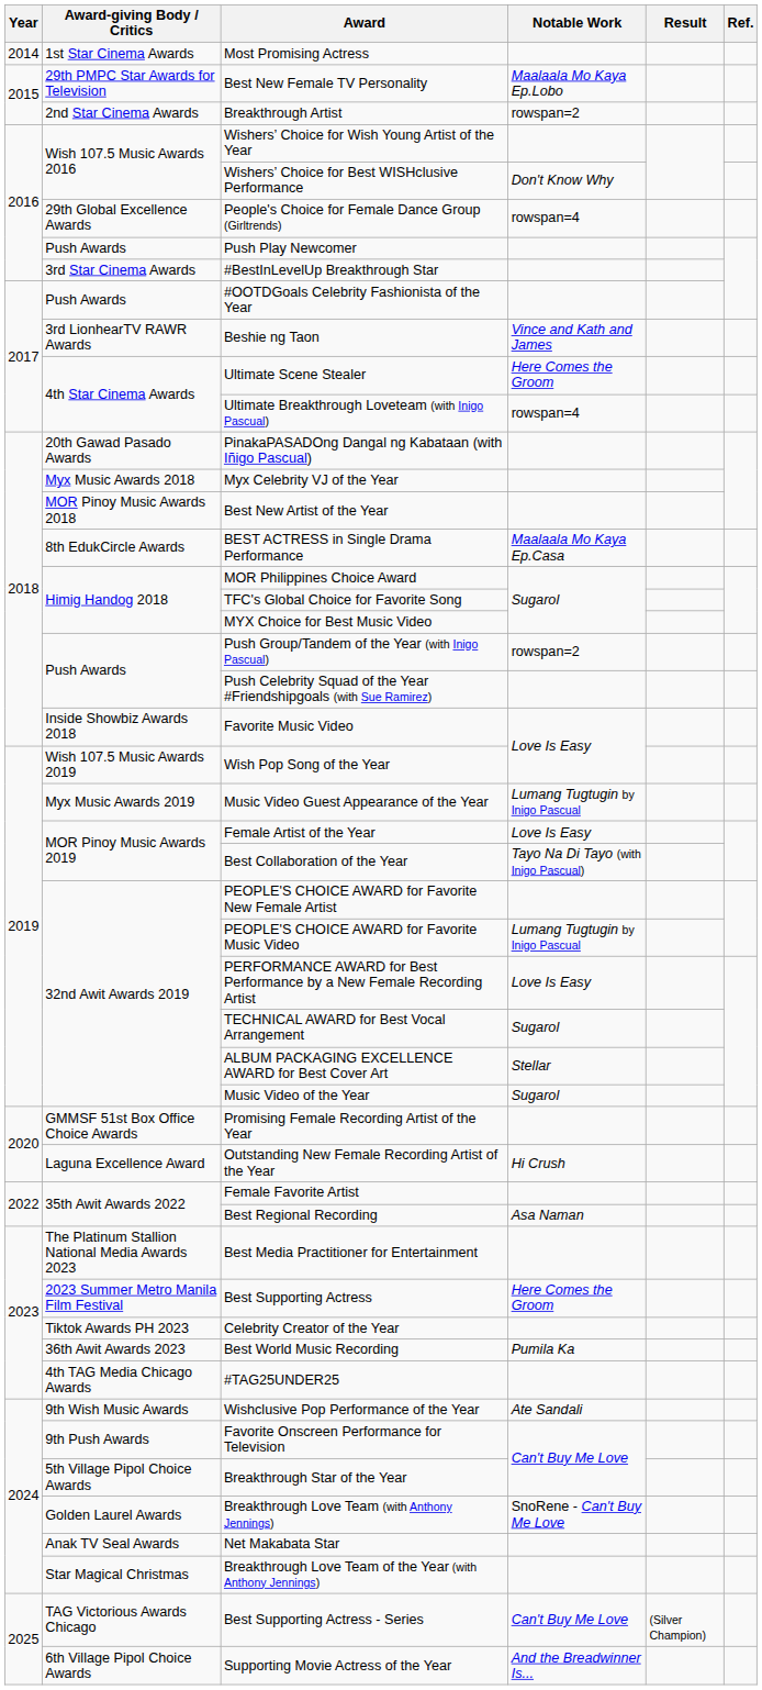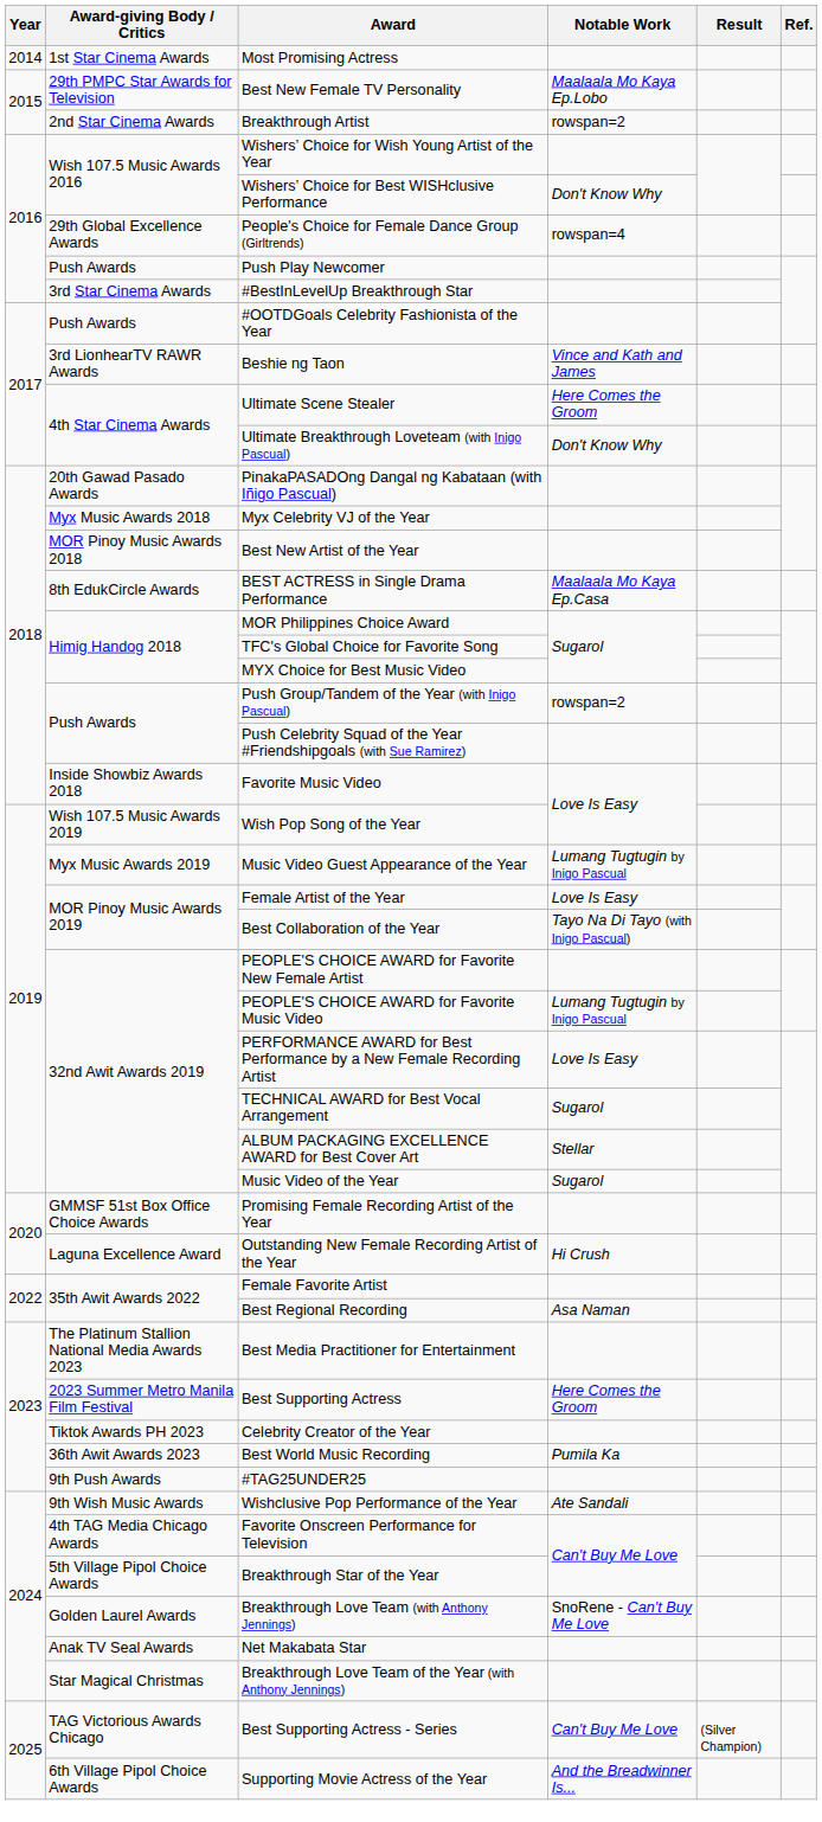 <table class="wikitable">
 <tr>
 <th>Year</th>
 <th>Award-giving Body / Critics</th>
 <th>Award</th>
 <th>Notable Work</th>
 <th>Result</th>
 <th>Ref.</th>
 </tr>
 <tr>
 <td>2014</td>
 <td>1st <a href='#'>Star Cinema</a> Awards</td>
 <td>Most Promising Actress</td>
 <td></td>
 <td></td>
 <td></td>
 </tr>
 <tr>
 <td rowspan=2>2015</td>
 <td><a href='#'>29th PMPC Star Awards for Television</a></td>
 <td>Best New Female TV Personality</td>
 <td><em><a href='#'>Maalaala Mo Kaya</a> Ep.Lobo</em></td>
 <td></td>
 <td></td>
 </tr>
 <tr>
 <td>2nd <a href='#'>Star Cinema</a> Awards</td>
 <td>Breakthrough Artist</td>
 <td>rowspan=2 </td>
 <td></td>
 <td></td>
 </tr>
 <tr>
 <td rowspan=5>2016</td>
 <td rowspan=2>Wish 107.5 Music Awards 2016</td>
 <td>Wishers’ Choice for Wish Young Artist of the Year</td>
 <td></td>
 <td rowspan=2></td>
 </tr>
 <tr>
 <td>Wishers’ Choice for Best WISHclusive Performance</td>
 <td><em>Don't Know Why</em></td>
 <td></td>
 </tr>
 <tr>
 <td>29th Global Excellence Awards</td>
 <td>People's Choice for Female Dance Group <small>(Girltrends)</small></td>
 <td>rowspan=4 </td>
 <td></td>
 <td></td>
 </tr>
 <tr>
 <td>Push Awards</td>
 <td>Push Play Newcomer</td>
 <td></td>
 <td></td>
 </tr>
 <tr>
 <td>3rd <a href='#'>Star Cinema</a> Awards</td>
 <td>#BestInLevelUp Breakthrough Star</td>
 <td></td>
 <td></td>
 </tr>
 <tr>
 <td rowspan=4>2017</td>
 <td>Push Awards</td>
 <td>#OOTDGoals Celebrity Fashionista of the Year</td>
 <td></td>
 <td></td>
 </tr>
 <tr>
 <td>3rd LionhearTV RAWR Awards</td>
 <td>Beshie ng Taon</td>
 <td><em><a href='#'>Vince and Kath and James</a></em></td>
 <td></td>
 <td></td>
 </tr>
 <tr>
 <td rowspan=2>4th <a href='#'>Star Cinema</a> Awards</td>
 <td>Ultimate Scene Stealer</td>
 <td><em><a href='#'>Here Comes the Groom</a></em></td>
 <td></td>
 <td></td>
 </tr>
 <tr>
 <td>Ultimate Breakthrough Loveteam <small>(with <a href='#'>Inigo Pascual</a>)</small></td>
-<td>rowspan=4 </td>
+<td><em>Don't Know Why</em></td>
 <td></td>
 <td></td>
 </tr>
 <tr>
 <td rowspan=10>2018</td>
 <td>20th Gawad Pasado Awards</td>
 <td>PinakaPASADOng Dangal ng Kabataan (with <a href='#'>Iñigo Pascual</a>)</td>
 <td></td>
 <td></td>
 </tr>
 <tr>
 <td><a href='#'>Myx</a> Music Awards 2018</td>
 <td>Myx Celebrity VJ of the Year</td>
 <td></td>
 <td></td>
 </tr>
 <tr>
 <td><a href='#'>MOR</a> Pinoy Music Awards 2018</td>
 <td>Best New Artist of the Year</td>
 <td></td>
 <td></td>
 </tr>
 <tr>
 <td>8th EdukCircle Awards</td>
 <td>BEST ACTRESS in Single Drama Performance</td>
 <td><em><a href='#'>Maalaala Mo Kaya</a> Ep.Casa</em></td>
 <td></td>
 <td></td>
 </tr>
 <tr>
 <td rowspan="3"><a href='#'>Himig Handog</a> 2018</td>
 <td>MOR Philippines Choice Award</td>
 <td rowspan=3><em>Sugarol</em></td>
 <td></td>
 <td rowspan=3></td>
 </tr>
 <tr>
 <td>TFC's Global Choice for Favorite Song</td>
 <td></td>
 </tr>
 <tr>
 <td>MYX Choice for Best Music Video</td>
 <td></td>
 </tr>
 <tr>
 <td rowspan=2>Push Awards</td>
 <td>Push Group/Tandem of the Year <small>(with <a href='#'>Inigo Pascual</a>)</small></td>
 <td>rowspan=2 </td>
 <td></td>
 <td></td>
 </tr>
 <tr>
 <td>Push Celebrity Squad of the Year #Friendshipgoals <small>(with <a href='#'>Sue Ramirez</a>)</small></td>
 <td></td>
 <td></td>
 </tr>
 <tr>
 <td>Inside Showbiz Awards 2018</td>
 <td>Favorite Music Video</td>
 <td rowspan=2><em>Love Is Easy</em></td>
 <td></td>
 <td></td>
 </tr>
 <tr>
 <td rowspan=10>2019</td>
 <td>Wish 107.5 Music Awards 2019</td>
 <td>Wish Pop Song of the Year</td>
 <td></td>
 <td></td>
 </tr>
 <tr>
 <td>Myx Music Awards 2019</td>
 <td>Music Video Guest Appearance of the Year</td>
 <td><em>Lumang Tugtugin</em> <small>by <a href='#'>Inigo Pascual</a></small></td>
 <td></td>
 <td></td>
 </tr>
 <tr>
 <td rowspan="2">MOR Pinoy Music Awards 2019</td>
 <td>Female Artist of the Year</td>
 <td><em>Love Is Easy</em></td>
 <td></td>
 <td rowspan=2></td>
 </tr>
 <tr>
 <td>Best Collaboration of the Year</td>
 <td><em>Tayo Na Di Tayo</em> <small>(with <a href='#'>Inigo Pascual</a>)</small></td>
 <td></td>
 </tr>
 <tr>
 <td rowspan=6>32nd Awit Awards 2019</td>
 <td>PEOPLE'S CHOICE AWARD for Favorite New Female Artist</td>
 <td></td>
 <td></td>
 <td rowspan=2></td>
 </tr>
 <tr>
 <td>PEOPLE'S CHOICE AWARD for Favorite Music Video</td>
 <td><em>Lumang Tugtugin</em> <small>by <a href='#'>Inigo Pascual</a></small></td>
 <td></td>
 </tr>
 <tr>
 <td>PERFORMANCE AWARD for Best Performance by a New Female Recording Artist</td>
 <td><em>Love Is Easy</em></td>
 <td></td>
 <td rowspan=4></td>
 </tr>
 <tr>
 <td>TECHNICAL AWARD for Best Vocal Arrangement</td>
 <td><em>Sugarol</em></td>
 <td></td>
 </tr>
 <tr>
 <td>ALBUM PACKAGING EXCELLENCE AWARD for Best Cover Art</td>
 <td><em>Stellar</em></td>
 <td></td>
 </tr>
 <tr>
 <td>Music Video of the Year</td>
 <td><em>Sugarol</em></td>
 <td></td>
 </tr>
 <tr>
 <td rowspan=2>2020</td>
 <td>GMMSF 51st Box Office Choice Awards</td>
 <td>Promising Female Recording Artist of the Year</td>
 <td></td>
 <td></td>
 <td></td>
 </tr>
 <tr>
 <td>Laguna Excellence Award</td>
 <td>Outstanding New Female Recording Artist of the Year</td>
 <td><em>Hi Crush</em></td>
 <td></td>
 <td></td>
 </tr>
 <tr>
 <td rowspan=2>2022</td>
 <td rowspan=2>35th Awit Awards 2022</td>
 <td>Female Favorite Artist</td>
 <td></td>
 <td></td>
 <td></td>
 </tr>
 <tr>
 <td>Best Regional Recording</td>
 <td><em>Asa Naman</em></td>
 <td></td>
 <td></td>
 </tr>
 <tr>
 <td rowspan="5">2023</td>
 <td>The Platinum Stallion National Media Awards 2023</td>
 <td>Best Media Practitioner for Entertainment</td>
 <td></td>
 <td></td>
 <td></td>
 </tr>
 <tr>
 <td><a href='#'>2023 Summer Metro Manila Film Festival</a></td>
 <td>Best Supporting Actress</td>
 <td><em><a href='#'>Here Comes the Groom</a></em></td>
 <td></td>
 <td></td>
 </tr>
 <tr>
 <td>Tiktok Awards PH 2023</td>
 <td>Celebrity Creator of the Year</td>
 <td></td>
 <td></td>
 <td></td>
 </tr>
 <tr>
 <td>36th Awit Awards 2023</td>
 <td>Best World Music Recording</td>
 <td><em>Pumila Ka</em></td>
 <td></td>
 <td></td>
 </tr>
 <tr>
-<td>4th TAG Media Chicago Awards</td>
+<td>9th Push Awards</td>
 <td>#TAG25UNDER25</td>
 <td></td>
 <td></td>
 <td></td>
 </tr>
 <tr>
 <td rowspan="6">2024</td>
 <td>9th Wish Music Awards</td>
 <td>Wishclusive Pop Performance of the Year</td>
 <td><em>Ate Sandali</em></td>
 <td></td>
 <td></td>
 </tr>
 <tr>
-<td>9th Push Awards</td>
+<td>4th TAG Media Chicago Awards</td>
 <td>Favorite Onscreen Performance for Television</td>
 <td rowspan=2><em><a href='#'>Can't Buy Me Love</a></em></td>
 <td></td>
 <td></td>
 </tr>
 <tr>
 <td>5th Village Pipol Choice Awards</td>
 <td>Breakthrough Star of the Year</td>
 <td></td>
 <td></td>
 </tr>
 <tr>
 <td>Golden Laurel Awards</td>
 <td>Breakthrough Love Team <small>(with <a href='#'>Anthony Jennings</a>)</small></td>
 <td>SnoRene - <em><a href='#'>Can't Buy Me Love</a></em></td>
 <td></td>
 <td></td>
 </tr>
 <tr>
 <td>Anak TV Seal Awards</td>
 <td>Net Makabata Star</td>
 <td></td>
 <td></td>
 <td></td>
 </tr>
 <tr>
 <td>Star Magical Christmas</td>
 <td>Breakthrough Love Team of the Year<small> (with <a href='#'>Anthony Jennings</a>)</small></td>
 <td></td>
 <td></td>
 <td></td>
 </tr>
 <tr>
 <td rowspan=2>2025</td>
 <td>TAG Victorious Awards Chicago</td>
 <td>Best Supporting Actress - Series</td>
 <td><em><a href='#'>Can't Buy Me Love</a></em></td>
 <td><br><small>(Silver Champion)</small></td>
 <td align="center"></td>
 </tr>
 <tr>
 <td>6th Village Pipol Choice Awards</td>
 <td>Supporting Movie Actress of the Year</td>
 <td><em><a href='#'>And the Breadwinner Is...</a></em></td>
 <td></td>
 <td align="center"></td>
 </tr>
 </table>
